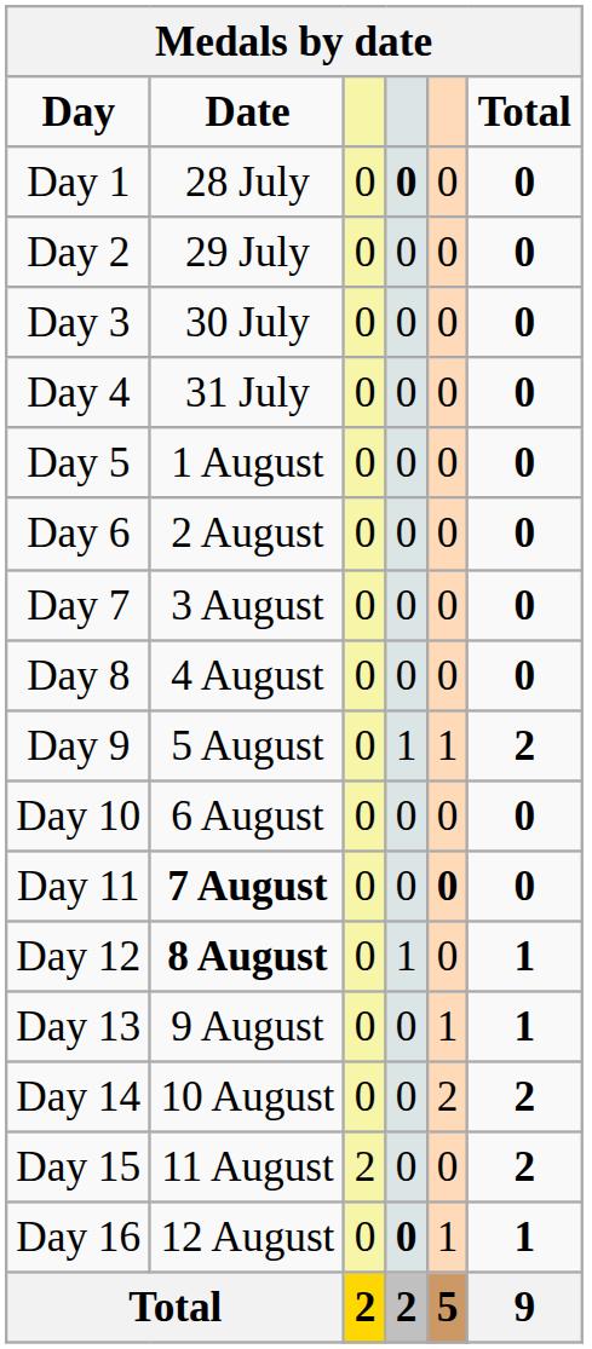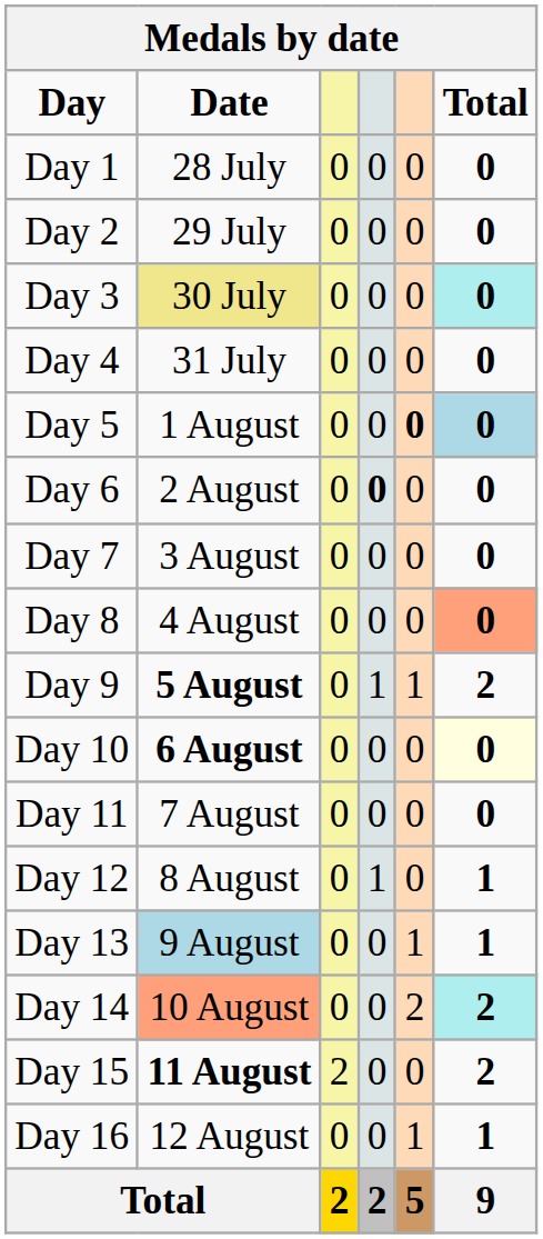 <table class=wikitable style="font-size:95%">
 <tr bgcolor=efefef>
 <th colspan=7><strong>Medals by date</strong></th>
 </tr>
 <tr style="text-align:center">
 <td><strong>Day</strong></td>
 <td><strong>Date</strong></td>
 <td bgcolor=#f7f6a8></td>
 <td bgcolor=#dce5e5></td>
 <td bgcolor=#ffdab9></td>
 <td><strong>Total</strong></td>
 </tr>
 <tr align=center>
 <td>Day 1</td>
 <td>28 July</td>
 <td bgcolor=F7F6A8>0</td>
-<td bgcolor=DCE5E5><strong>0</strong></td>
+<td bgcolor=DCE5E5>0</td>
 <td bgcolor=FFDAB9>0</td>
 <td><strong>0</strong></td>
 </tr>
 <tr align=center>
 <td>Day 2</td>
 <td>29 July</td>
 <td bgcolor=F7F6A8>0</td>
 <td bgcolor=DCE5E5>0</td>
 <td bgcolor=FFDAB9>0</td>
 <td><strong>0</strong></td>
 </tr>
 <tr align=center>
 <td>Day 3</td>
-<td>30 July</td>
+<td style="background: khaki;">30 July</td>
 <td bgcolor=F7F6A8>0</td>
 <td bgcolor=DCE5E5>0</td>
 <td bgcolor=FFDAB9>0</td>
-<td><strong>0</strong></td>
+<td style="background: paleturquoise;"><strong>0</strong></td>
 </tr>
 <tr align=center>
 <td>Day 4</td>
 <td>31 July</td>
 <td bgcolor=F7F6A8>0</td>
 <td bgcolor=DCE5E5>0</td>
 <td bgcolor=FFDAB9>0</td>
 <td><strong>0</strong></td>
 </tr>
 <tr align=center>
 <td>Day 5</td>
 <td>1 August</td>
 <td bgcolor=F7F6A8>0</td>
 <td bgcolor=DCE5E5>0</td>
-<td bgcolor=FFDAB9>0</td>
-<td><strong>0</strong></td>
+<td bgcolor=FFDAB9><strong>0</strong></td>
+<td style="background: lightblue;"><strong>0</strong></td>
 </tr>
 <tr align=center>
 <td>Day 6</td>
 <td>2 August</td>
 <td bgcolor=F7F6A8>0</td>
-<td bgcolor=DCE5E5>0</td>
+<td bgcolor=DCE5E5><strong>0</strong></td>
 <td bgcolor=FFDAB9>0</td>
 <td><strong>0</strong></td>
 </tr>
 <tr align=center>
 <td>Day 7</td>
 <td>3 August</td>
 <td bgcolor=F7F6A8>0</td>
 <td bgcolor=DCE5E5>0</td>
 <td bgcolor=FFDAB9>0</td>
 <td><strong>0</strong></td>
 </tr>
 <tr align=center>
 <td>Day 8</td>
 <td>4 August</td>
 <td bgcolor=F7F6A8>0</td>
 <td bgcolor=DCE5E5>0</td>
 <td bgcolor=FFDAB9>0</td>
-<td><strong>0</strong></td>
+<td style="background: lightsalmon;"><strong>0</strong></td>
 </tr>
 <tr align=center>
 <td>Day 9</td>
-<td>5 August</td>
+<td><strong>5 August</strong></td>
 <td bgcolor=F7F6A8>0</td>
 <td bgcolor=DCE5E5>1</td>
 <td bgcolor=FFDAB9>1</td>
 <td><strong>2</strong></td>
 </tr>
 <tr align=center>
 <td>Day 10</td>
-<td>6 August</td>
+<td><strong>6 August</strong></td>
+<td bgcolor=F7F6A8>0</td>
+<td bgcolor=DCE5E5>0</td>
+<td bgcolor=FFDAB9>0</td>
+<td style="background: lightyellow;"><strong>0</strong></td>
+</tr>
+<tr align=center>
+<td>Day 11</td>
+<td>7 August</td>
 <td bgcolor=F7F6A8>0</td>
 <td bgcolor=DCE5E5>0</td>
 <td bgcolor=FFDAB9>0</td>
 <td><strong>0</strong></td>
 </tr>
 <tr align=center>
-<td>Day 11</td>
-<td><strong>7 August</strong></td>
-<td bgcolor=F7F6A8>0</td>
-<td bgcolor=DCE5E5>0</td>
-<td bgcolor=FFDAB9><strong>0</strong></td>
-<td><strong>0</strong></td>
-</tr>
-<tr align=center>
 <td>Day 12</td>
-<td><strong>8 August</strong></td>
+<td>8 August</td>
 <td bgcolor=F7F6A8>0</td>
 <td bgcolor=DCE5E5>1</td>
 <td bgcolor=FFDAB9>0</td>
 <td><strong>1</strong></td>
 </tr>
 <tr align=center>
 <td>Day 13</td>
-<td>9 August</td>
+<td style="background: lightblue;">9 August</td>
 <td bgcolor=F7F6A8>0</td>
 <td bgcolor=DCE5E5>0</td>
 <td bgcolor=FFDAB9>1</td>
 <td><strong>1</strong></td>
 </tr>
 <tr align=center>
 <td>Day 14</td>
-<td>10 August</td>
+<td style="background: lightsalmon;">10 August</td>
 <td bgcolor=F7F6A8>0</td>
 <td bgcolor=DCE5E5>0</td>
 <td bgcolor=FFDAB9>2</td>
-<td><strong>2</strong></td>
+<td style="background: paleturquoise;"><strong>2</strong></td>
 </tr>
 <tr align=center>
 <td>Day 15</td>
-<td>11 August</td>
+<td><strong>11 August</strong></td>
 <td bgcolor=F7F6A8>2</td>
 <td bgcolor=DCE5E5>0</td>
 <td bgcolor=FFDAB9>0</td>
 <td><strong>2</strong></td>
 </tr>
 <tr align=center>
 <td>Day 16</td>
 <td>12 August</td>
 <td bgcolor=F7F6A8>0</td>
-<td bgcolor=DCE5E5><strong>0</strong></td>
+<td bgcolor=DCE5E5>0</td>
 <td bgcolor=FFDAB9>1</td>
 <td><strong>1</strong></td>
 </tr>
 <tr>
 <th colspan=2><strong>Total</strong></th>
 <th style="background:gold"><strong>2</strong></th>
 <th style="background:silver"><strong>2</strong></th>
 <th style="background:#c96"><strong>5</strong></th>
 <th><strong>9</strong></th>
 </tr>
 </table>
